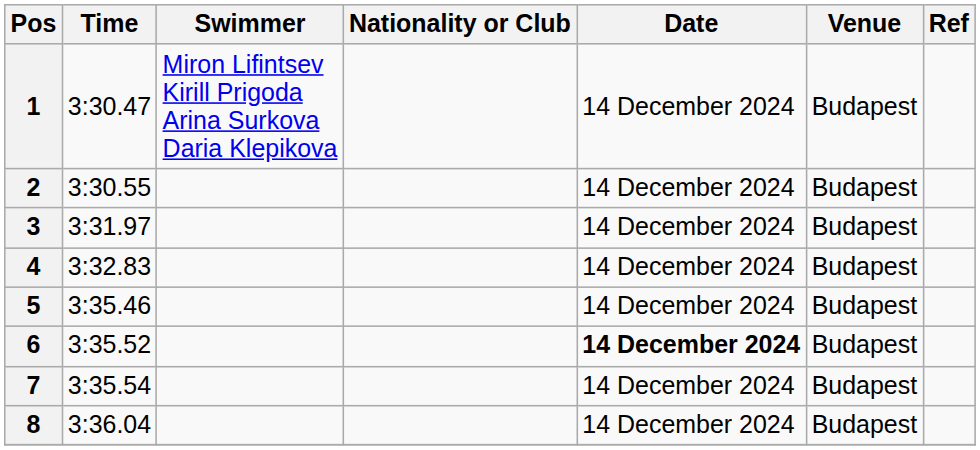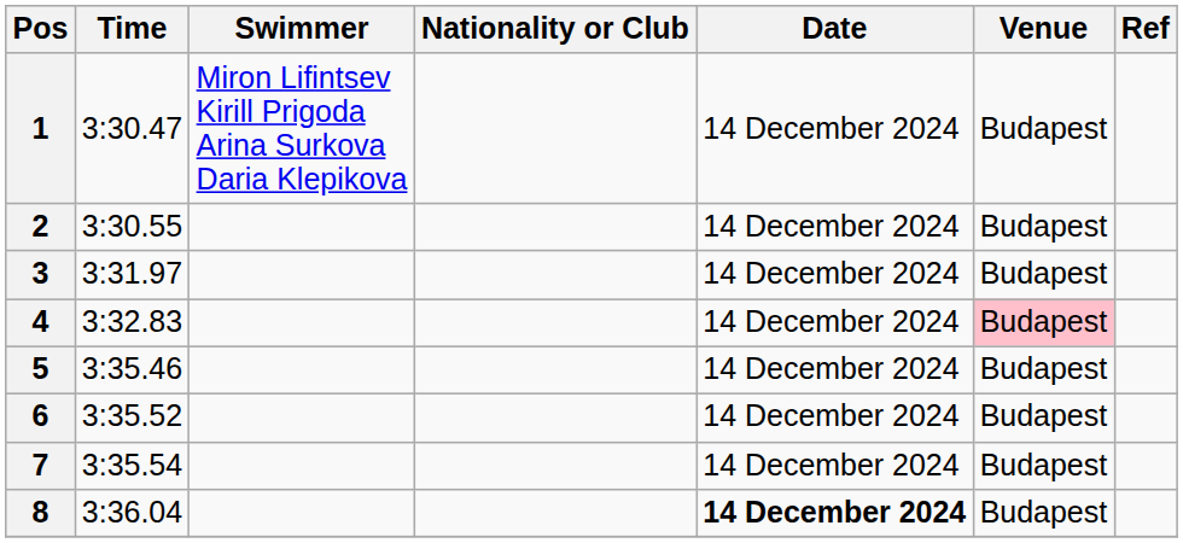 <table class="wikitable">
 <tr>
 <th>Pos</th>
 <th>Time</th>
 <th>Swimmer</th>
 <th>Nationality or Club</th>
 <th>Date</th>
 <th>Venue</th>
 <th>Ref</th>
 </tr>
 <tr>
 <th>1</th>
 <td>3:30.47</td>
 <td><a href='#'>Miron Lifintsev</a><br><a href='#'>Kirill Prigoda</a><br><a href='#'>Arina Surkova</a><br><a href='#'>Daria Klepikova</a></td>
 <td></td>
 <td>14 December 2024</td>
 <td>Budapest</td>
 <td></td>
 </tr>
 <tr>
 <th>2</th>
 <td>3:30.55</td>
 <td></td>
 <td></td>
 <td>14 December 2024</td>
 <td>Budapest</td>
 <td></td>
 </tr>
 <tr>
 <th>3</th>
 <td>3:31.97</td>
 <td></td>
 <td></td>
 <td>14 December 2024</td>
 <td>Budapest</td>
 <td></td>
 </tr>
 <tr>
 <th>4</th>
 <td>3:32.83</td>
 <td></td>
 <td></td>
 <td>14 December 2024</td>
-<td>Budapest</td>
+<td style="background: pink;">Budapest</td>
 <td></td>
 </tr>
 <tr>
 <th>5</th>
 <td>3:35.46</td>
 <td></td>
 <td></td>
 <td>14 December 2024</td>
 <td>Budapest</td>
 <td></td>
 </tr>
 <tr>
 <th>6</th>
 <td>3:35.52</td>
 <td></td>
 <td></td>
-<td><strong>14 December 2024</strong></td>
+<td>14 December 2024</td>
 <td>Budapest</td>
 <td></td>
 </tr>
 <tr>
 <th>7</th>
 <td>3:35.54</td>
 <td></td>
 <td></td>
 <td>14 December 2024</td>
 <td>Budapest</td>
 <td></td>
 </tr>
 <tr>
 <th>8</th>
 <td>3:36.04</td>
 <td></td>
 <td></td>
-<td>14 December 2024</td>
+<td><strong>14 December 2024</strong></td>
 <td>Budapest</td>
 <td></td>
 </tr>
 <tr>
 </tr>
 </table>
